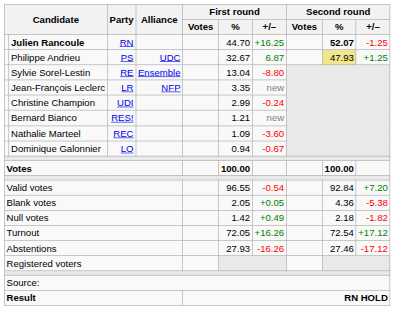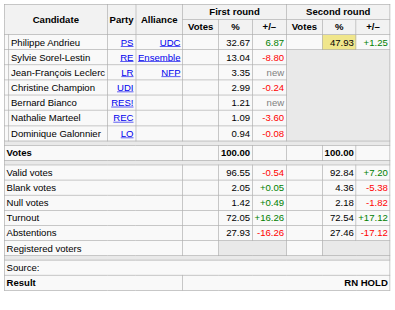 <table class="wikitable" style="text-align:right;font-size:95%;">
 <tr>
 <th rowspan="2" colspan="2">Candidate</th>
 <th colspan="1" rowspan="2">Party</th>
 <th colspan="1" rowspan="2">Alliance</th>
 <th colspan="3">First round</th>
 <th colspan="3">Second round</th>
 </tr>
 <tr>
 <th style="width:50px;">Votes</th>
 <th style="width:45px;">%</th>
 <th style="width:45px;">+/–</th>
 <th style="width:50px;">Votes</th>
 <th style="width:45px;">%</th>
 <th style="width:45px;">+/–</th>
-</tr>
-<tr>
-<td style="color:inherit;background:"></td>
-<td style="text-align:left;"><strong>Julien Rancoule</strong></td>
-<td><a href='#'>RN</a></td>
-<td></td>
-<td></td>
-<td>44.70</td>
-<td style="color:green;">+16.25</td>
-<td><strong></strong></td>
-<td><strong>52.07</strong></td>
-<td style="color:red;">-1.25</td>
 </tr>
 <tr>
 <td style="color:inherit;background:"></td>
 <td style="text-align:left;">Philippe Andrieu</td>
 <td><a href='#'>PS</a></td>
 <td><a href='#'>UDC</a></td>
 <td></td>
 <td>32.67</td>
 <td style="color:green;">6.87</td>
 <td></td>
 <td style="background: khaki;">47.93</td>
 <td style="color:green;">+1.25</td>
 </tr>
 <tr>
 <td style="color:inherit;background:"></td>
 <td style="text-align:left;">Sylvie Sorel-Lestin</td>
 <td><a href='#'>RE</a></td>
 <td><a href='#'>Ensemble</a></td>
 <td></td>
 <td>13.04</td>
 <td style="color:red;">-8.80</td>
 <td colspan="3" rowspan="6" style="background:#E9E9E9;"></td>
 </tr>
 <tr>
 <td style="color:inherit;background:"></td>
 <td style="text-align:left;">Jean-François Leclerc</td>
 <td><a href='#'>LR</a></td>
 <td><a href='#'>NFP</a></td>
 <td></td>
 <td>3.35</td>
 <td style="color:grey;">new</td>
 </tr>
 <tr>
 <td style="color:inherit;background:"></td>
 <td style="text-align:left;">Christine Champion</td>
 <td><a href='#'>UDI</a></td>
 <td></td>
 <td></td>
 <td>2.99</td>
 <td style="color:red;">-0.24</td>
 </tr>
 <tr>
 <td style="color:inherit;background:"></td>
 <td style="text-align:left;">Bernard Bianco</td>
 <td><a href='#'>RES!</a></td>
 <td></td>
 <td></td>
 <td>1.21</td>
 <td style="color:grey;">new</td>
 </tr>
 <tr>
 <td style="color:inherit;background:"></td>
 <td style="text-align:left;">Nathalie Marteel</td>
 <td><a href='#'>REC</a></td>
 <td></td>
 <td></td>
 <td>1.09</td>
 <td style="color:red;">-3.60</td>
 </tr>
 <tr>
 <td style="color:inherit;background:"></td>
 <td style="text-align:left;">Dominique Galonnier</td>
 <td><a href='#'>LO</a></td>
 <td></td>
 <td></td>
 <td>0.94</td>
-<td style="color:red;">-0.67</td>
+<td style="color:red;">-0.08</td>
 </tr>
 <tr>
 <td colspan="10" style="background:#E9E9E9;"></td>
 </tr>
 <tr style="font-weight:bold;">
 <td colspan="4" style="text-align:left;">Votes</td>
 <td></td>
 <td>100.00</td>
 <td></td>
 <td></td>
 <td>100.00</td>
 <td></td>
 </tr>
 <tr>
 <td colspan="10" style="background:#E9E9E9;"></td>
 </tr>
 <tr>
 <td colspan="4" style="text-align:left;">Valid votes</td>
 <td></td>
 <td>96.55</td>
 <td style="color:red;">-0.54</td>
 <td></td>
 <td>92.84</td>
 <td style="color:green;">+7.20</td>
 </tr>
 <tr>
 <td colspan="4" style="text-align:left;">Blank votes</td>
 <td></td>
 <td>2.05</td>
 <td style="color:green;">+0.05</td>
 <td></td>
 <td>4.36</td>
 <td style="color:red;">-5.38</td>
 </tr>
 <tr>
 <td colspan="4" style="text-align:left;">Null votes</td>
 <td></td>
 <td>1.42</td>
 <td style="color:green;">+0.49</td>
 <td></td>
 <td>2.18</td>
 <td style="color:red;">-1.82</td>
 </tr>
 <tr>
 <td colspan="4" style="text-align:left;">Turnout</td>
 <td></td>
 <td>72.05</td>
 <td style="color:green;">+16.26</td>
 <td></td>
 <td>72.54</td>
 <td style="color:green;">+17.12</td>
 </tr>
 <tr>
 <td colspan="4" style="text-align:left;">Abstentions</td>
 <td></td>
 <td>27.93</td>
 <td style="color:red;">-16.26</td>
 <td></td>
 <td>27.46</td>
 <td style="color:red;">-17.12</td>
 </tr>
 <tr>
 <td colspan="4" style="text-align:left;">Registered voters</td>
 <td></td>
 <td colspan="2" style="background:#E9E9E9;"></td>
 <td></td>
 <td colspan="2" style="background:#E9E9E9;"></td>
 </tr>
 <tr>
 <td colspan="10" style="background:#E9E9E9;"></td>
 </tr>
 <tr>
 <td colspan="10" style="text-align:left;">Source: </td>
 </tr>
 <tr style="font-weight:bold">
 <td colspan="4" style="text-align:left;">Result</td>
 <td colspan="6" style="background-color:">RN HOLD</td>
 </tr>
 </table>
